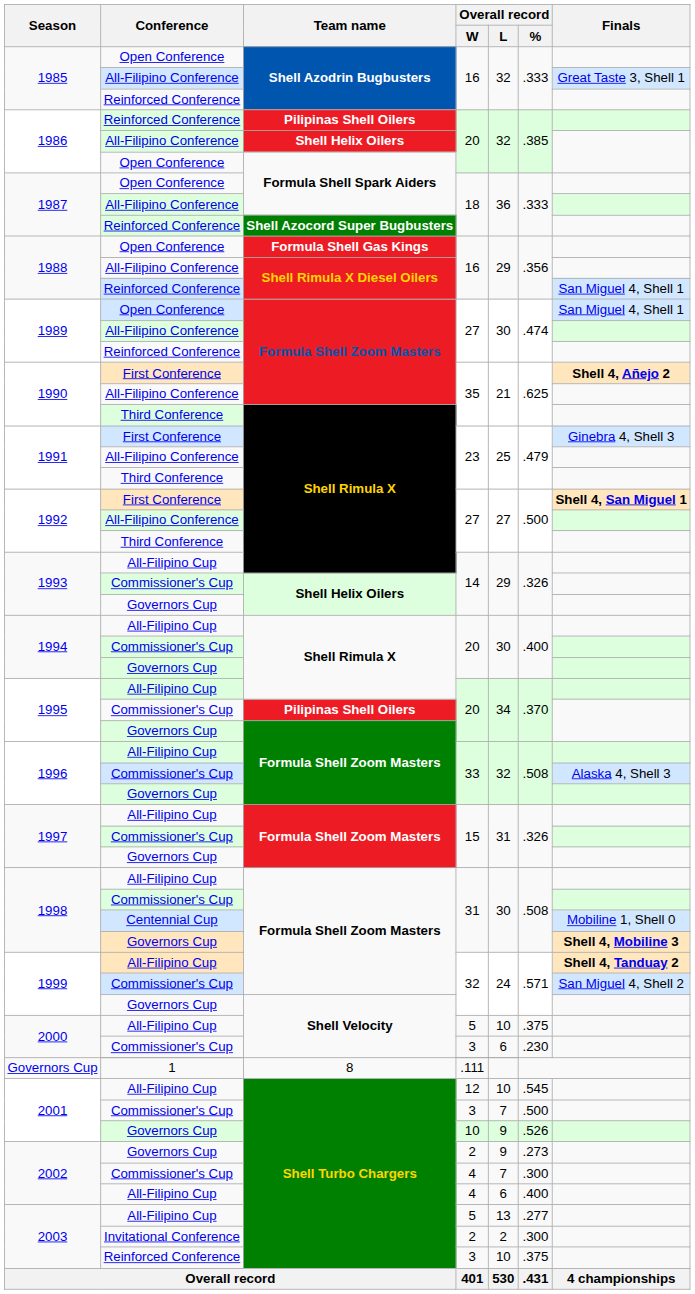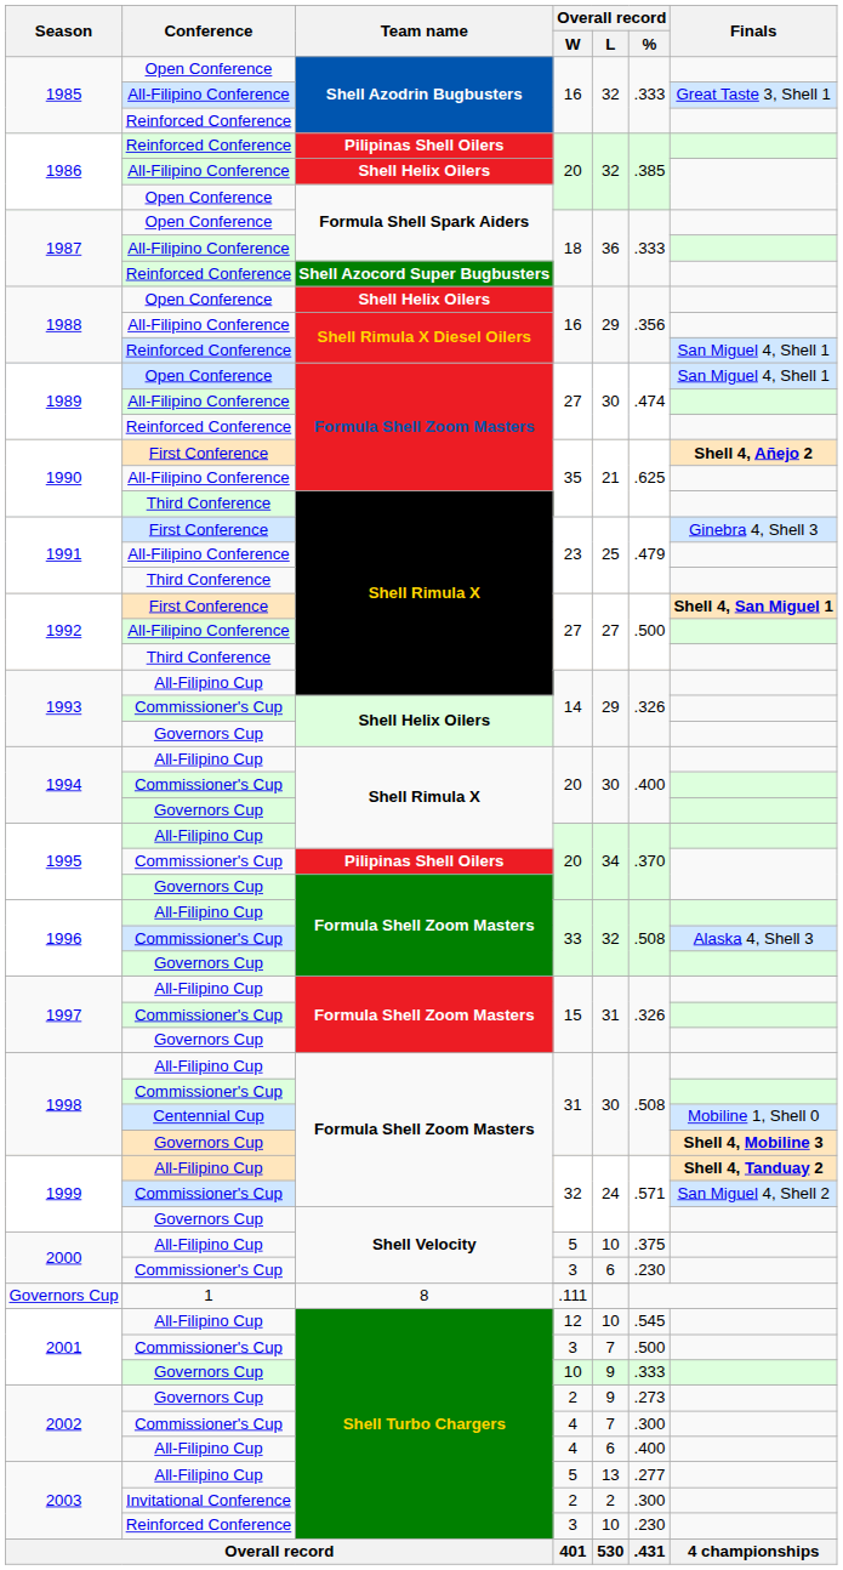 <table class=wikitable style="text-align:center;">
 <tr>
 <th rowspan=2>Season</th>
 <th rowspan=2>Conference</th>
 <th rowspan=2>Team name</th>
 <th colspan=3>Overall record</th>
 <th rowspan=2>Finals</th>
 </tr>
 <tr>
 <th>W</th>
 <th>L</th>
 <th>%</th>
 </tr>
 <tr>
 <td rowspan=3><a href='#'>1985</a></td>
 <td><a href='#'>Open Conference</a></td>
 <td rowspan=3 style="background:#0055AF; color:#FFFFFF; "><span><strong>Shell Azodrin Bugbusters</strong></span></td>
 <td rowspan=3>16</td>
 <td rowspan=3>32</td>
 <td rowspan=3>.333</td>
 <td></td>
 </tr>
 <tr bgcolor=#D0E7FF>
 <td><a href='#'>All-Filipino Conference</a></td>
 <td><a href='#'>Great Taste</a> 3, Shell 1</td>
 </tr>
 <tr>
 <td><a href='#'>Reinforced Conference</a></td>
 <td></td>
 </tr>
 <tr bgcolor=#DDFFDD>
 <td bgcolor=white rowspan=3><a href='#'>1986</a></td>
 <td><a href='#'>Reinforced Conference</a></td>
 <td style="background:#ED1C24; color:#FFFFFF; "><span><strong>Pilipinas Shell Oilers</strong></span></td>
 <td rowspan=3>20</td>
 <td rowspan=3>32</td>
 <td rowspan=3>.385</td>
 <td></td>
 </tr>
 <tr bgcolor=#DDFFDD>
 <td><a href='#'>All-Filipino Conference</a></td>
 <td style="background:#ED1C24; color:#FFFFFF; "><span><strong>Shell Helix Oilers</strong></span></td>
 </tr>
 <tr>
 <td><a href='#'>Open Conference</a></td>
 <td rowspan=3><strong>Formula Shell Spark Aiders</strong></td>
 </tr>
 <tr>
 <td rowspan=3><a href='#'>1987</a></td>
 <td><a href='#'>Open Conference</a></td>
 <td rowspan=3>18</td>
 <td rowspan=3>36</td>
 <td rowspan=3>.333</td>
 <td></td>
 </tr>
 <tr bgcolor=#DDFFDD>
 <td><a href='#'>All-Filipino Conference</a></td>
 <td></td>
 </tr>
 <tr bgcolor=#DDFFDD>
 <td><a href='#'>Reinforced Conference</a></td>
 <td style="background:#008000; color:#FFFFFF; "><span><strong>Shell Azocord Super Bugbusters</strong></span></td>
 </tr>
 <tr>
 <td rowspan=3><a href='#'>1988</a></td>
 <td><a href='#'>Open Conference</a></td>
-<td style="background:#ED1C24; color:#FFFFFF; "><span><strong>Formula Shell Gas Kings</strong></span></td>
+<td style="background:#ED1C24; color:#FFFFFF; "><span><strong>Shell Helix Oilers</strong></span></td>
 <td rowspan=3>16</td>
 <td rowspan=3>29</td>
 <td rowspan=3>.356</td>
 <td></td>
 </tr>
 <tr>
 <td><a href='#'>All-Filipino Conference</a></td>
 <td rowspan=2 style="background:#ED1C24; color:#FFD500; "><span><strong>Shell Rimula X Diesel Oilers</strong></span></td>
 </tr>
 <tr bgcolor=#D0E7FF>
 <td><a href='#'>Reinforced Conference</a></td>
 <td><a href='#'>San Miguel</a> 4, Shell 1</td>
 </tr>
 <tr bgcolor=#D0E7FF>
 <td bgcolor=white rowspan=3><a href='#'>1989</a></td>
 <td><a href='#'>Open Conference</a></td>
 <td rowspan=5 style="background:#ED1C24; color:#0055AF; "><span><strong>Formula Shell Zoom Masters</strong></span></td>
 <td bgcolor=white rowspan=3>27</td>
 <td bgcolor=white rowspan=3>30</td>
 <td bgcolor=white rowspan=3>.474</td>
 <td><a href='#'>San Miguel</a> 4, Shell 1</td>
 </tr>
 <tr bgcolor=#DDFFDD>
 <td><a href='#'>All-Filipino Conference</a></td>
 <td></td>
 </tr>
 <tr>
 <td><a href='#'>Reinforced Conference</a></td>
 <td></td>
 </tr>
 <tr bgcolor=#FFE6BD>
 <td bgcolor=white rowspan=3><a href='#'>1990</a></td>
 <td><a href='#'>First Conference</a></td>
 <td bgcolor=white rowspan=3>35</td>
 <td bgcolor=white rowspan=3>21</td>
 <td bgcolor=white rowspan=3>.625</td>
 <td><strong>Shell 4, <a href='#'>Añejo</a> 2</strong></td>
 </tr>
 <tr>
 <td><a href='#'>All-Filipino Conference</a></td>
 <td></td>
 </tr>
 <tr bgcolor=#DDFFDD>
 <td><a href='#'>Third Conference</a></td>
 <td rowspan=8 style="background:#000000; color:#FFD500; "><span><strong>Shell Rimula X</strong></span></td>
 </tr>
 <tr bgcolor=#D0E7FF>
 <td bgcolor=white rowspan=3><a href='#'>1991</a></td>
 <td><a href='#'>First Conference</a></td>
 <td bgcolor=white rowspan=3>23</td>
 <td bgcolor=white rowspan=3>25</td>
 <td bgcolor=white rowspan=3>.479</td>
 <td><a href='#'>Ginebra</a> 4, Shell 3</td>
 </tr>
 <tr>
 <td><a href='#'>All-Filipino Conference</a></td>
 <td></td>
 </tr>
 <tr>
 <td><a href='#'>Third Conference</a></td>
 <td></td>
 </tr>
 <tr bgcolor=#FFE6BD>
 <td bgcolor=white rowspan=3><a href='#'>1992</a></td>
 <td><a href='#'>First Conference</a></td>
 <td bgcolor=white rowspan=3>27</td>
 <td bgcolor=white rowspan=3>27</td>
 <td bgcolor=white rowspan=3>.500</td>
 <td><strong>Shell 4, <a href='#'>San Miguel</a> 1</strong></td>
 </tr>
 <tr bgcolor=#DDFFDD>
 <td><a href='#'>All-Filipino Conference</a></td>
 <td></td>
 </tr>
 <tr>
 <td><a href='#'>Third Conference</a></td>
 <td></td>
 </tr>
 <tr>
 <td rowspan=3><a href='#'>1993</a></td>
 <td><a href='#'>All-Filipino Cup</a></td>
 <td rowspan=3>14</td>
 <td rowspan=3>29</td>
 <td rowspan=3>.326</td>
 <td></td>
 </tr>
 <tr bgcolor=#DDFFDD>
 <td><a href='#'>Commissioner's Cup</a></td>
 <td rowspan=2><strong>Shell Helix Oilers</strong></td>
 </tr>
 <tr>
 <td><a href='#'>Governors Cup</a></td>
 <td></td>
 </tr>
 <tr>
 <td rowspan=3><a href='#'>1994</a></td>
 <td><a href='#'>All-Filipino Cup</a></td>
 <td rowspan=4><strong>Shell Rimula X</strong></td>
 <td rowspan=3>20</td>
 <td rowspan=3>30</td>
 <td rowspan=3>.400</td>
 <td></td>
 </tr>
 <tr bgcolor=#DDFFDD>
 <td><a href='#'>Commissioner's Cup</a></td>
 <td></td>
 </tr>
 <tr bgcolor=#DDFFDD>
 <td><a href='#'>Governors Cup</a></td>
 <td></td>
 </tr>
 <tr bgcolor=#DDFFDD>
 <td bgcolor=white rowspan=3><a href='#'>1995</a></td>
 <td><a href='#'>All-Filipino Cup</a></td>
 <td rowspan=3>20</td>
 <td rowspan=3>34</td>
 <td rowspan=3>.370</td>
 <td></td>
 </tr>
 <tr>
 <td><a href='#'>Commissioner's Cup</a></td>
 <td style="background:#ED1C24; color:#FFFFFF; "><span><strong>Pilipinas Shell Oilers</strong></span></td>
 </tr>
 <tr bgcolor=#DDFFDD>
 <td><a href='#'>Governors Cup</a></td>
 <td rowspan=4 style="background:#008000; color:#FFFFFF; "><span><strong>Formula Shell Zoom Masters</strong></span></td>
 </tr>
 <tr bgcolor=#DDFFDD>
 <td bgcolor=white rowspan=3><a href='#'>1996</a></td>
 <td><a href='#'>All-Filipino Cup</a></td>
 <td rowspan=3>33</td>
 <td rowspan=3>32</td>
 <td rowspan=3>.508</td>
 <td></td>
 </tr>
 <tr bgcolor=#D0E7FF>
 <td><a href='#'>Commissioner's Cup</a></td>
 <td><a href='#'>Alaska</a> 4, Shell 3</td>
 </tr>
 <tr bgcolor=#DDFFDD>
 <td><a href='#'>Governors Cup</a></td>
 <td></td>
 </tr>
 <tr>
 <td rowspan=3><a href='#'>1997</a></td>
 <td><a href='#'>All-Filipino Cup</a></td>
 <td rowspan=3 style="background:#ED1C24; color:#FFFFFF; "><span><strong>Formula Shell Zoom Masters</strong></span></td>
 <td rowspan=3>15</td>
 <td rowspan=3>31</td>
 <td rowspan=3>.326</td>
 <td></td>
 </tr>
 <tr bgcolor=#DDFFDD>
 <td><a href='#'>Commissioner's Cup</a></td>
 <td></td>
 </tr>
 <tr>
 <td><a href='#'>Governors Cup</a></td>
 <td></td>
 </tr>
 <tr>
 <td rowspan=4><a href='#'>1998</a></td>
 <td><a href='#'>All-Filipino Cup</a></td>
 <td rowspan=6><strong>Formula Shell Zoom Masters</strong></td>
 <td rowspan=4>31</td>
 <td rowspan=4>30</td>
 <td rowspan=4>.508</td>
 <td></td>
 </tr>
 <tr bgcolor=#DDFFDD>
 <td><a href='#'>Commissioner's Cup</a></td>
 <td></td>
 </tr>
 <tr bgcolor=#D0E7FF>
 <td><a href='#'>Centennial Cup</a></td>
 <td><a href='#'>Mobiline</a> 1, Shell 0</td>
 </tr>
 <tr bgcolor=#FFE6BD>
 <td><a href='#'>Governors Cup</a></td>
 <td><strong>Shell 4, <a href='#'>Mobiline</a> 3</strong></td>
 </tr>
 <tr bgcolor=#FFE6BD>
 <td bgcolor=white rowspan=3><a href='#'>1999</a></td>
 <td><a href='#'>All-Filipino Cup</a></td>
 <td bgcolor=white rowspan=3>32</td>
 <td bgcolor=white rowspan=3>24</td>
 <td bgcolor=white rowspan=3>.571</td>
 <td><strong>Shell 4, <a href='#'>Tanduay</a> 2</strong></td>
 </tr>
 <tr bgcolor=#D0E7FF>
 <td><a href='#'>Commissioner's Cup</a></td>
 <td><a href='#'>San Miguel</a> 4, Shell 2</td>
 </tr>
 <tr>
 <td><a href='#'>Governors Cup</a></td>
 <td rowspan=4><strong>Shell Velocity</strong></td>
 </tr>
 <tr>
 <td rowspan=3><a href='#'>2000</a></td>
 <td><a href='#'>All-Filipino Cup</a></td>
 <td>5</td>
 <td>10</td>
 <td>.375</td>
 <td></td>
 </tr>
 <tr>
 <td><a href='#'>Commissioner's Cup</a></td>
 <td>3</td>
 <td>6</td>
 <td>.230</td>
 <td></td>
 </tr>
 <tr bgcolor=#DDFFDD>
 </tr>
 <tr>
 <td><a href='#'>Governors Cup</a></td>
 <td>1</td>
 <td>8</td>
 <td>.111</td>
 <td></td>
 </tr>
 <tr>
 <td bgcolor=white rowspan=3><a href='#'>2001</a></td>
 <td><a href='#'>All-Filipino Cup</a></td>
 <td rowspan=9 style="background:#008000; color:#FFD500; "><span><strong>Shell Turbo Chargers</strong></span></td>
 <td>12</td>
 <td>10</td>
 <td>.545</td>
 <td></td>
 </tr>
 <tr>
 <td><a href='#'>Commissioner's Cup</a></td>
 <td>3</td>
 <td>7</td>
 <td>.500</td>
 <td></td>
 </tr>
 <tr bgcolor=#DDFFDD>
 <td><a href='#'>Governors Cup</a></td>
 <td>10</td>
 <td>9</td>
-<td>.526</td>
+<td>.333</td>
 <td></td>
 </tr>
 <tr>
 <td rowspan=3><a href='#'>2002</a></td>
 <td><a href='#'>Governors Cup</a></td>
 <td>2</td>
 <td>9</td>
 <td>.273</td>
 <td></td>
 </tr>
 <tr>
 <td><a href='#'>Commissioner's Cup</a></td>
 <td>4</td>
 <td>7</td>
 <td>.300</td>
 <td></td>
 </tr>
 <tr>
 <td><a href='#'>All-Filipino Cup</a></td>
 <td>4</td>
 <td>6</td>
 <td>.400</td>
 <td></td>
 </tr>
 <tr>
 <td rowspan=3><a href='#'>2003</a></td>
 <td><a href='#'>All-Filipino Cup</a></td>
 <td>5</td>
 <td>13</td>
 <td>.277</td>
 <td></td>
 </tr>
 <tr>
 <td><a href='#'>Invitational Conference</a></td>
 <td>2</td>
 <td>2</td>
 <td>.300</td>
 <td></td>
 </tr>
 <tr>
 <td><a href='#'>Reinforced Conference</a></td>
 <td>3</td>
 <td>10</td>
-<td>.375</td>
+<td>.230</td>
 <td></td>
 </tr>
 <tr>
 <th colspan=3>Overall record</th>
 <th>401</th>
 <th>530</th>
 <th>.431</th>
 <th>4 championships</th>
 </tr>
 </table>
